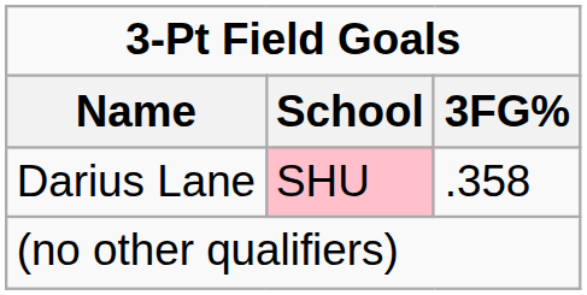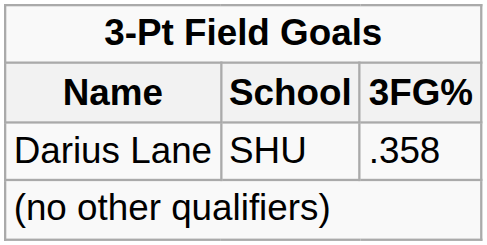 <table class="wikitable">
 <tr>
 <td colspan=3 style="text-align:center;"><strong>3-Pt Field Goals</strong></td>
 </tr>
 <tr>
 <th>Name</th>
 <th>School</th>
 <th>3FG%</th>
 </tr>
 <tr>
 <td>Darius Lane</td>
-<td style="background: pink;">SHU</td>
+<td>SHU</td>
 <td>.358</td>
 </tr>
 <tr>
 <td colspan=3>(no other qualifiers)</td>
 </tr>
 </table>
